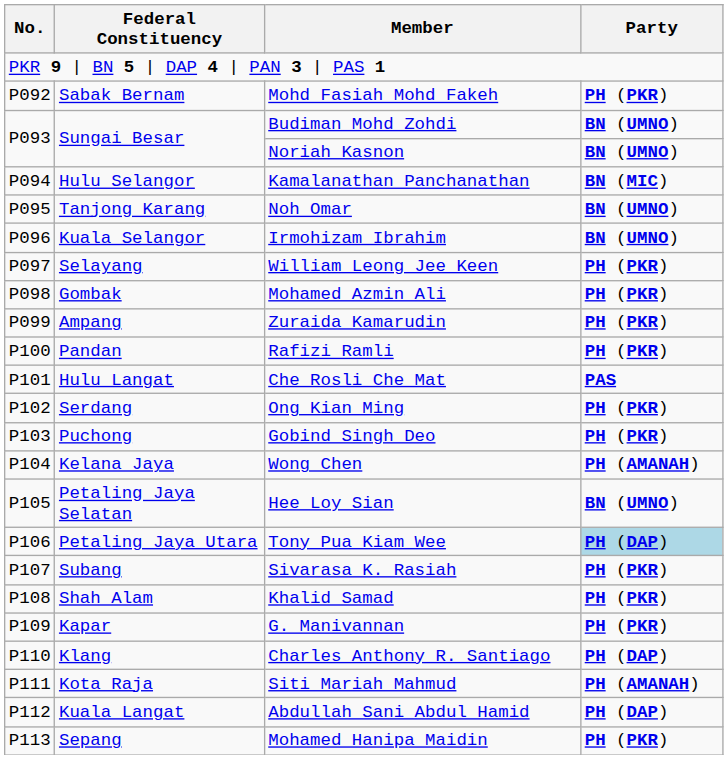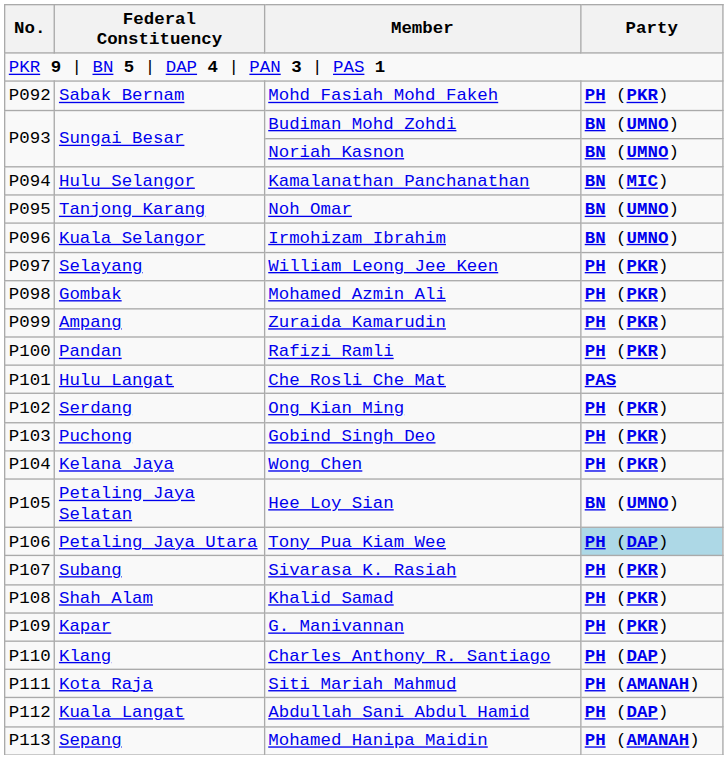 <table class ="wikitable sortable">
 <tr>
 <th style="width:30px;">No.</th>
 <th style="width:150px;">Federal Constituency</th>
 <th style="width:230px;">Member</th>
 <th style="width:100px;">Party</th>
 </tr>
 <tr>
 <td colspan="4"><a href='#'>PKR</a> <strong>9</strong> | <a href='#'>BN</a> <strong>5</strong> | <a href='#'>DAP</a> <strong>4</strong> | <a href='#'>PAN</a> <strong>3</strong> | <a href='#'>PAS</a> <strong>1</strong></td>
 </tr>
 <tr>
 <td>P092</td>
 <td><a href='#'>Sabak Bernam</a></td>
 <td><a href='#'>Mohd Fasiah Mohd Fakeh</a></td>
 <td><strong><a href='#'>PH</a></strong> (<strong><a href='#'>PKR</a></strong>)</td>
 </tr>
 <tr>
 <td rowspan=2>P093</td>
 <td rowspan=2><a href='#'>Sungai Besar</a></td>
 <td><a href='#'>Budiman Mohd Zohdi</a> </td>
 <td><strong><a href='#'>BN</a></strong> (<strong><a href='#'>UMNO</a></strong>)</td>
 </tr>
 <tr>
 <td><a href='#'>Noriah Kasnon</a> </td>
 <td><strong><a href='#'>BN</a></strong> (<strong><a href='#'>UMNO</a></strong>)</td>
 </tr>
 <tr>
 <td>P094</td>
 <td><a href='#'>Hulu Selangor</a></td>
 <td><a href='#'>Kamalanathan Panchanathan</a></td>
 <td><strong><a href='#'>BN</a></strong> (<strong><a href='#'>MIC</a></strong>)</td>
 </tr>
 <tr>
 <td>P095</td>
 <td><a href='#'>Tanjong Karang</a></td>
 <td><a href='#'>Noh Omar</a></td>
 <td><strong><a href='#'>BN</a></strong> (<strong><a href='#'>UMNO</a></strong>)</td>
 </tr>
 <tr>
 <td>P096</td>
 <td><a href='#'>Kuala Selangor</a></td>
 <td><a href='#'>Irmohizam Ibrahim</a></td>
 <td><strong><a href='#'>BN</a></strong> (<strong><a href='#'>UMNO</a></strong>)</td>
 </tr>
 <tr>
 <td>P097</td>
 <td><a href='#'>Selayang</a></td>
 <td><a href='#'>William Leong Jee Keen</a></td>
 <td><strong><a href='#'>PH</a></strong> (<strong><a href='#'>PKR</a></strong>)</td>
 </tr>
 <tr>
 <td>P098</td>
 <td><a href='#'>Gombak</a></td>
 <td><a href='#'>Mohamed Azmin Ali</a></td>
 <td><strong><a href='#'>PH</a></strong> (<strong><a href='#'>PKR</a></strong>)</td>
 </tr>
 <tr>
 <td>P099</td>
 <td><a href='#'>Ampang</a></td>
 <td><a href='#'>Zuraida Kamarudin</a></td>
 <td><strong><a href='#'>PH</a></strong> (<strong><a href='#'>PKR</a></strong>)</td>
 </tr>
 <tr>
 <td>P100</td>
 <td><a href='#'>Pandan</a></td>
 <td><a href='#'>Rafizi Ramli</a></td>
 <td><strong><a href='#'>PH</a></strong> (<strong><a href='#'>PKR</a></strong>)</td>
 </tr>
 <tr>
 <td>P101</td>
 <td><a href='#'>Hulu Langat</a></td>
 <td><a href='#'>Che Rosli Che Mat</a></td>
 <td><strong><a href='#'>PAS</a></strong></td>
 </tr>
 <tr>
 <td>P102</td>
 <td><a href='#'>Serdang</a></td>
 <td><a href='#'>Ong Kian Ming</a></td>
 <td><strong><a href='#'>PH</a></strong> (<strong><a href='#'>PKR</a></strong>)</td>
 </tr>
 <tr>
 <td>P103</td>
 <td><a href='#'>Puchong</a></td>
 <td><a href='#'>Gobind Singh Deo</a></td>
 <td><strong><a href='#'>PH</a></strong> (<strong><a href='#'>PKR</a></strong>)</td>
 </tr>
 <tr>
 <td>P104</td>
 <td><a href='#'>Kelana Jaya</a></td>
 <td><a href='#'>Wong Chen</a></td>
-<td><strong><a href='#'>PH</a></strong> (<strong><a href='#'>AMANAH</a></strong>)</td>
+<td><strong><a href='#'>PH</a></strong> (<strong><a href='#'>PKR</a></strong>)</td>
 </tr>
 <tr>
 <td>P105</td>
 <td><a href='#'>Petaling Jaya Selatan</a></td>
 <td><a href='#'>Hee Loy Sian</a></td>
 <td><strong><a href='#'>BN</a></strong> (<strong><a href='#'>UMNO</a></strong>)</td>
 </tr>
 <tr>
 <td>P106</td>
 <td><a href='#'>Petaling Jaya Utara</a></td>
 <td><a href='#'>Tony Pua Kiam Wee</a></td>
 <td style="background: lightblue;"><strong><a href='#'>PH</a></strong> (<strong><a href='#'>DAP</a></strong>)</td>
 </tr>
 <tr>
 <td>P107</td>
 <td><a href='#'>Subang</a></td>
 <td><a href='#'>Sivarasa K. Rasiah</a></td>
 <td><strong><a href='#'>PH</a></strong> (<strong><a href='#'>PKR</a></strong>)</td>
 </tr>
 <tr>
 <td>P108</td>
 <td><a href='#'>Shah Alam</a></td>
 <td><a href='#'>Khalid Samad</a></td>
 <td><strong><a href='#'>PH</a></strong> (<strong><a href='#'>PKR</a></strong>)</td>
 </tr>
 <tr>
 <td>P109</td>
 <td><a href='#'>Kapar</a></td>
 <td><a href='#'>G. Manivannan</a></td>
 <td><strong><a href='#'>PH</a></strong> (<strong><a href='#'>PKR</a></strong>)</td>
 </tr>
 <tr>
 <td>P110</td>
 <td><a href='#'>Klang</a></td>
 <td><a href='#'>Charles Anthony R. Santiago</a></td>
 <td><strong><a href='#'>PH</a></strong> (<strong><a href='#'>DAP</a></strong>)</td>
 </tr>
 <tr>
 <td>P111</td>
 <td><a href='#'>Kota Raja</a></td>
 <td><a href='#'>Siti Mariah Mahmud</a></td>
 <td><strong><a href='#'>PH</a></strong> (<strong><a href='#'>AMANAH</a></strong>)</td>
 </tr>
 <tr>
 <td>P112</td>
 <td><a href='#'>Kuala Langat</a></td>
 <td><a href='#'>Abdullah Sani Abdul Hamid</a></td>
 <td><strong><a href='#'>PH</a></strong> (<strong><a href='#'>DAP</a></strong>)</td>
 </tr>
 <tr>
 <td>P113</td>
 <td><a href='#'>Sepang</a></td>
 <td><a href='#'>Mohamed Hanipa Maidin</a></td>
-<td><strong><a href='#'>PH</a></strong> (<strong><a href='#'>PKR</a></strong>)</td>
+<td><strong><a href='#'>PH</a></strong> (<strong><a href='#'>AMANAH</a></strong>)</td>
 </tr>
 </table>
